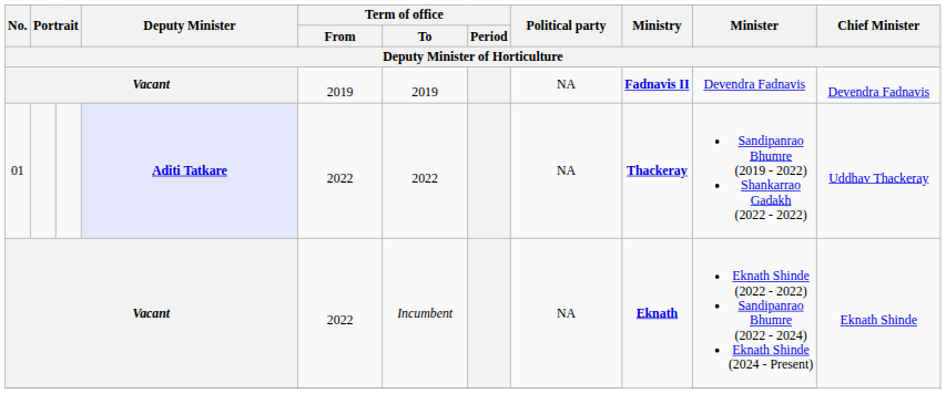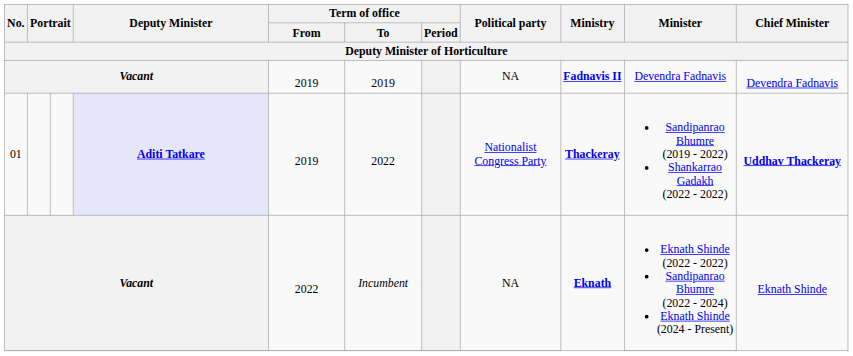 <table class="wikitable" style="text-align:center">
 <tr>
 <th rowspan="2">No.</th>
 <th rowspan="2" colspan="2">Portrait</th>
 <th rowspan="2" style="width:16em">Deputy Minister<br></th>
 <th colspan="3">Term of office</th>
 <th rowspan="2" style="width:8em">Political party</th>
 <th rowspan="2">Ministry</th>
 <th rowspan="2" style="width:9em">Minister</th>
 <th rowspan="2" style="width:9em">Chief Minister</th>
 </tr>
 <tr>
 <th style="width:6em">From</th>
 <th style="width:6em">To</th>
 <th>Period</th>
 </tr>
 <tr>
 <th colspan="11">Deputy Minister of Horticulture</th>
 </tr>
 <tr>
 <th colspan="04"><strong><em>Vacant</em></strong></th>
 <td><br>2019</td>
 <td><br>2019</td>
 <th></th>
 <td>NA</td>
 <td rowspan="1"><a href='#'><strong>Fadnavis II</strong></a></td>
 <td><a href='#'>Devendra Fadnavis</a></td>
 <td rowspan="1"> <br><a href='#'>Devendra Fadnavis</a></td>
 </tr>
 <tr>
 <td>01</td>
 <td style="color:inherit;background:"></td>
 <td></td>
 <td style="background: lavender;"><strong><a href='#'>Aditi Tatkare</a></strong> <br> </td>
-<td><br>2022</td>
+<td><br>2019</td>
 <td><br>2022</td>
 <th></th>
-<td>NA</td>
+<td><a href='#'>Nationalist Congress Party</a></td>
 <td rowspan="1"><a href='#'><strong>Thackeray</strong></a></td>
 <td><br><ul><li><a href='#'>Sandipanrao Bhumre</a> <br>(2019 - 2022)</li><li><a href='#'>Shankarrao Gadakh</a> <br>(2022 - 2022)</li></ul></td>
-<td rowspan="1"> <br><a href='#'>Uddhav Thackeray</a></td>
+<td rowspan="1"><strong> <br><a href='#'>Uddhav Thackeray</a></strong></td>
 </tr>
 <tr>
 <th colspan="04"><strong><em>Vacant </em></strong></th>
 <td><br>2022</td>
 <td><em>Incumbent</em></td>
 <th></th>
 <td>NA</td>
 <td rowspan="2"><a href='#'><strong>Eknath</strong></a></td>
 <td><br><ul><li><a href='#'>Eknath Shinde</a><br>(2022 - 2022)</li><li><a href='#'>Sandipanrao Bhumre</a><br> (2022 - 2024)</li><li><a href='#'>Eknath Shinde</a><br> (2024 - Present)</li></ul></td>
 <td rowspan="2"> <br><a href='#'>Eknath Shinde</a></td>
 </tr>
 <tr>
 </tr>
 </table>
